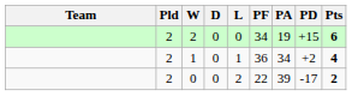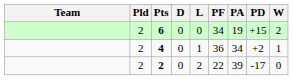 <table class="wikitable" style="text-align:center;">
 <tr>
 <th width=175>Team</th>
 <th width=20 abbr="Played">Pld</th>
-<th width=20 abbr="Won">W</th>
+<th width=20 abbr="Points">Pts</th>
 <th width=20 abbr="Drawn">D</th>
 <th width=20 abbr="Lost">L</th>
 <th width=20 abbr="Points for">PF</th>
 <th width=20 abbr="Points against">PA</th>
 <th width=25 abbr="Points difference">PD</th>
-<th width=20 abbr="Points">Pts</th>
+<th width=20 abbr="Won">W</th>
 </tr>
 <tr style="background:#ccffcc">
 <td align=left></td>
 <td>2</td>
-<td>2</td>
+<td><strong>6</strong></td>
 <td>0</td>
 <td>0</td>
 <td>34</td>
 <td>19</td>
 <td>+15</td>
-<td><strong>6</strong></td>
+<td>2</td>
 </tr>
 <tr>
 <td align=left></td>
 <td>2</td>
-<td>1</td>
+<td><strong>4</strong></td>
 <td>0</td>
 <td>1</td>
 <td>36</td>
 <td>34</td>
 <td>+2</td>
-<td><strong>4</strong></td>
+<td>1</td>
 </tr>
 <tr>
 <td align=left></td>
 <td>2</td>
-<td>0</td>
+<td><strong>2</strong></td>
 <td>0</td>
 <td>2</td>
 <td>22</td>
 <td>39</td>
 <td>-17</td>
-<td><strong>2</strong></td>
+<td>0</td>
 </tr>
 </table>
